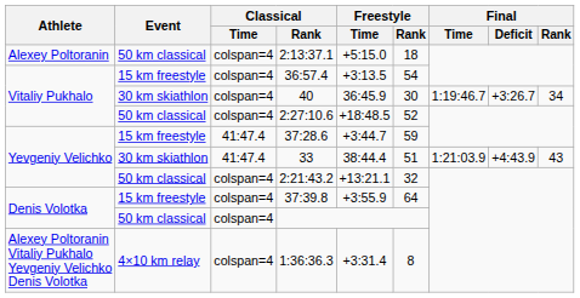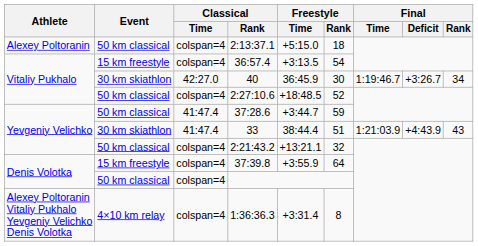 <table class="wikitable" style="font-size:90%">
 <tr>
 <th rowspan=2>Athlete</th>
 <th rowspan=2>Event</th>
 <th colspan=2>Classical</th>
 <th colspan=2>Freestyle</th>
 <th colspan=3>Final</th>
 </tr>
 <tr style="font-size: 95%">
 <th>Time</th>
 <th>Rank</th>
 <th>Time</th>
 <th>Rank</th>
 <th>Time</th>
 <th>Deficit</th>
 <th>Rank</th>
 </tr>
 <tr align=center>
 <td align=left><a href='#'>Alexey Poltoranin</a></td>
 <td align=left><a href='#'>50 km classical</a></td>
 <td>colspan=4 </td>
 <td>2:13:37.1</td>
 <td>+5:15.0</td>
 <td>18</td>
 </tr>
 <tr align=center>
 <td align=left rowspan=3><a href='#'>Vitaliy Pukhalo</a></td>
 <td align=left><a href='#'>15 km freestyle</a></td>
 <td>colspan=4 </td>
 <td>36:57.4</td>
 <td>+3:13.5</td>
 <td>54</td>
 </tr>
 <tr align=center>
 <td align=left><a href='#'>30 km skiathlon</a></td>
-<td>colspan=4 </td>
+<td>42:27.0</td>
 <td>40</td>
 <td>36:45.9</td>
 <td>30</td>
 <td>1:19:46.7</td>
 <td>+3:26.7</td>
 <td>34</td>
 </tr>
 <tr align=center>
 <td align=left><a href='#'>50 km classical</a></td>
 <td>colspan=4 </td>
 <td>2:27:10.6</td>
 <td>+18:48.5</td>
 <td>52</td>
 </tr>
 <tr align=center>
 <td align=left rowspan=3><a href='#'>Yevgeniy Velichko</a></td>
-<td align=left><a href='#'>15 km freestyle</a></td>
+<td align=left><a href='#'>50 km classical</a></td>
 <td>41:47.4</td>
 <td>37:28.6</td>
 <td>+3:44.7</td>
 <td>59</td>
 </tr>
 <tr align=center>
 <td align=left><a href='#'>30 km skiathlon</a></td>
 <td>41:47.4</td>
 <td>33</td>
 <td>38:44.4</td>
 <td>51</td>
 <td>1:21:03.9</td>
 <td>+4:43.9</td>
 <td>43</td>
 </tr>
 <tr align=center>
 <td align=left><a href='#'>50 km classical</a></td>
 <td>colspan=4 </td>
 <td>2:21:43.2</td>
 <td>+13:21.1</td>
 <td>32</td>
 </tr>
 <tr align=center>
 <td align=left rowspan=2><a href='#'>Denis Volotka</a></td>
 <td align=left><a href='#'>15 km freestyle</a></td>
 <td>colspan=4 </td>
 <td>37:39.8</td>
 <td>+3:55.9</td>
 <td>64</td>
 </tr>
 <tr align=center>
 <td align=left><a href='#'>50 km classical</a></td>
 <td>colspan=4 </td>
 <td colspan=3></td>
 </tr>
 <tr align=center>
 <td align=left><a href='#'>Alexey Poltoranin</a><br><a href='#'>Vitaliy Pukhalo</a><br><a href='#'>Yevgeniy Velichko</a><br><a href='#'>Denis Volotka</a></td>
 <td align=left><a href='#'>4×10 km relay</a></td>
 <td>colspan=4 </td>
 <td>1:36:36.3</td>
 <td>+3:31.4</td>
 <td>8</td>
 </tr>
 </table>
